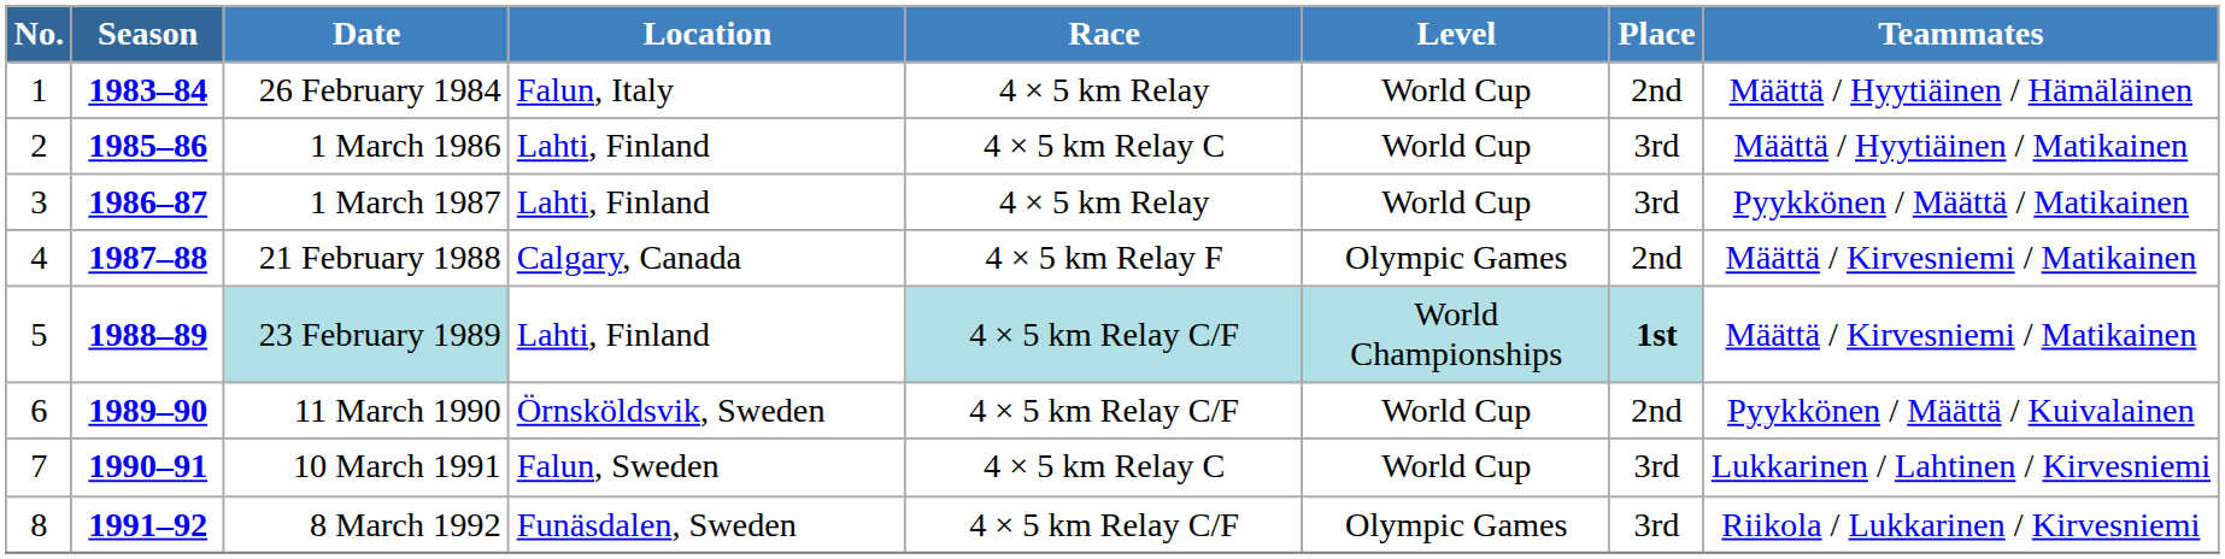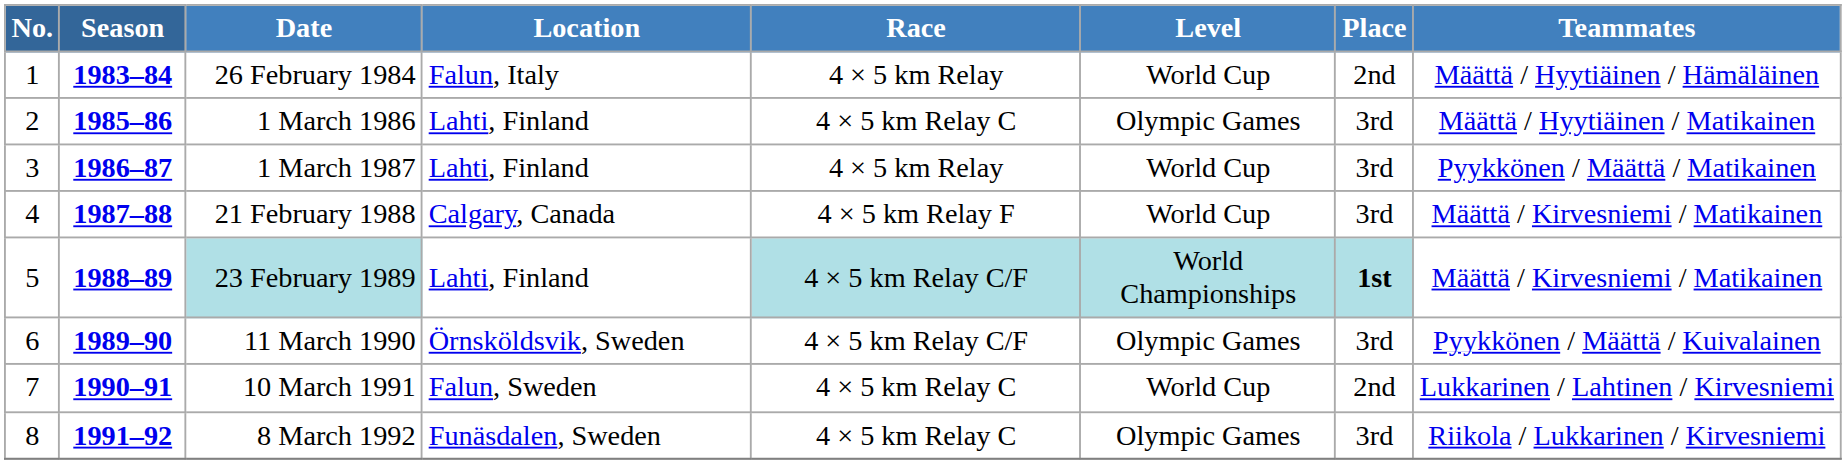 <table class="wikitable sortable" style="font-size:95%; text-align:center; border:grey solid 1px; border-collapse:collapse; background:#ffffff;">
 <tr style="background:#efefef;">
 <th style="background-color:#369; color:white;">No.</th>
 <th style="background-color:#369; color:white;">Season</th>
 <th style="background-color:#4180be; color:white; width:120px;">Date</th>
 <th style="background-color:#4180be; color:white; width:170px;">Location</th>
 <th style="background-color:#4180be; color:white; width:170px;">Race</th>
 <th style="background-color:#4180be; color:white; width:130px;">Level</th>
 <th style="background-color:#4180be; color:white;">Place</th>
 <th style="background-color:#4180be; color:white;">Teammates</th>
 </tr>
 <tr>
 <td align=center>1</td>
 <td rowspan=1 align=center><strong> <a href='#'>1983–84</a> </strong></td>
 <td align=right>26 February 1984</td>
 <td align=left> <a href='#'>Falun</a>, Italy</td>
 <td>4 × 5 km Relay</td>
 <td>World Cup</td>
 <td>2nd</td>
 <td><a href='#'>Määttä</a> / <a href='#'>Hyytiäinen</a> / <a href='#'>Hämäläinen</a></td>
 </tr>
 <tr>
 <td align=center>2</td>
 <td rowspan=1 align=center><strong> <a href='#'>1985–86</a> </strong></td>
 <td align=right>1 March 1986</td>
 <td align=left> <a href='#'>Lahti</a>, Finland</td>
 <td>4 × 5 km Relay C</td>
-<td>World Cup</td>
+<td>Olympic Games</td>
 <td>3rd</td>
 <td><a href='#'>Määttä</a> / <a href='#'>Hyytiäinen</a> / <a href='#'>Matikainen</a></td>
 </tr>
 <tr>
 <td align=center>3</td>
 <td rowspan=1 align=center><strong> <a href='#'>1986–87</a> </strong></td>
 <td align=right>1 March 1987</td>
 <td align=left> <a href='#'>Lahti</a>, Finland</td>
 <td>4 × 5 km Relay</td>
 <td>World Cup</td>
 <td>3rd</td>
 <td><a href='#'>Pyykkönen</a> / <a href='#'>Määttä</a> / <a href='#'>Matikainen</a></td>
 </tr>
 <tr>
 <td align=center>4</td>
 <td rowspan=1 align=center><strong> <a href='#'>1987–88</a> </strong></td>
 <td align=right>21 February 1988</td>
 <td align=left> <a href='#'>Calgary</a>, Canada</td>
 <td>4 × 5 km Relay F</td>
-<td>Olympic Games</td>
-<td>2nd</td>
+<td>World Cup</td>
+<td>3rd</td>
 <td><a href='#'>Määttä</a> / <a href='#'>Kirvesniemi</a> / <a href='#'>Matikainen</a></td>
 </tr>
 <tr>
 <td align=center>5</td>
 <td rowspan=1 align=center><strong><a href='#'>1988–89</a></strong></td>
 <td bgcolor="#BOEOE6" align=right>23 February 1989</td>
 <td align=left> <a href='#'>Lahti</a>, Finland</td>
 <td bgcolor="#BOEOE6">4 × 5 km Relay C/F</td>
 <td bgcolor="#BOEOE6">World Championships</td>
 <td bgcolor="#BOEOE6"><strong>1st</strong></td>
 <td><a href='#'>Määttä</a> / <a href='#'>Kirvesniemi</a> / <a href='#'>Matikainen</a></td>
 </tr>
 <tr>
 <td align=center>6</td>
 <td rowspan=1 align=center><strong> <a href='#'>1989–90</a> </strong></td>
 <td align=right>11 March 1990</td>
 <td align=left> <a href='#'>Örnsköldsvik</a>, Sweden</td>
 <td>4 × 5 km Relay C/F</td>
-<td>World Cup</td>
-<td>2nd</td>
+<td>Olympic Games</td>
+<td>3rd</td>
 <td><a href='#'>Pyykkönen</a> / <a href='#'>Määttä</a> / <a href='#'>Kuivalainen</a></td>
 </tr>
 <tr>
 <td align=center>7</td>
 <td rowspan=1 align=center><strong> <a href='#'>1990–91</a> </strong></td>
 <td align=right>10 March 1991</td>
 <td align=left> <a href='#'>Falun</a>, Sweden</td>
 <td>4 × 5 km Relay C</td>
 <td>World Cup</td>
-<td>3rd</td>
+<td>2nd</td>
 <td><a href='#'>Lukkarinen</a> / <a href='#'>Lahtinen</a> / <a href='#'>Kirvesniemi</a></td>
 </tr>
 <tr>
 <td align=center>8</td>
 <td rowspan=1 align=center><strong> <a href='#'>1991–92</a> </strong></td>
 <td align=right>8 March 1992</td>
 <td align=left> <a href='#'>Funäsdalen</a>, Sweden</td>
-<td>4 × 5 km Relay C/F</td>
+<td>4 × 5 km Relay C</td>
 <td>Olympic Games</td>
 <td>3rd</td>
 <td><a href='#'>Riikola</a> / <a href='#'>Lukkarinen</a> / <a href='#'>Kirvesniemi</a></td>
 </tr>
 <tr>
 </tr>
 </table>
